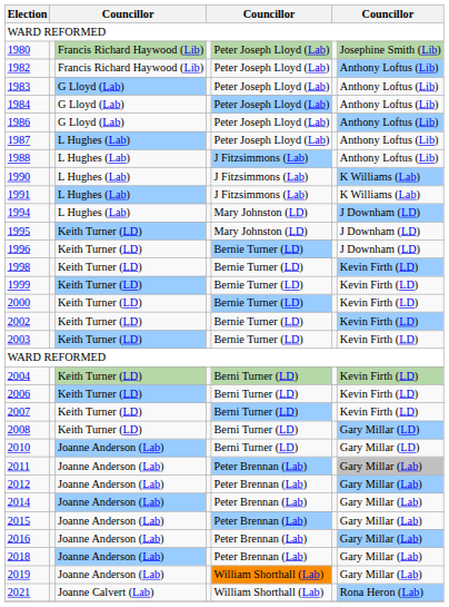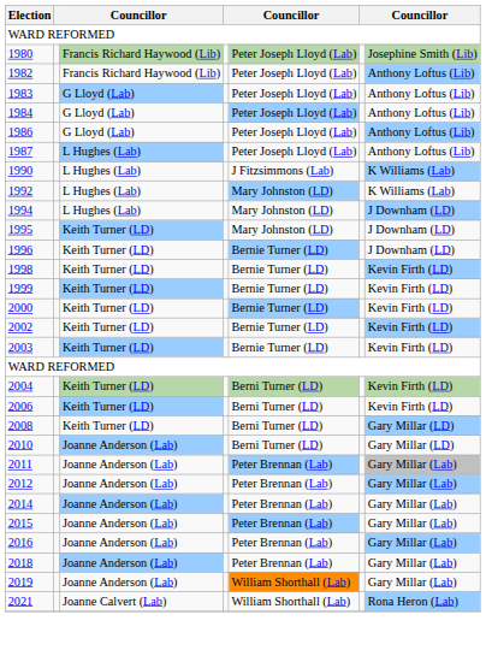 <table class="wikitable">
 <tr>
 <th>Election</th>
 <th colspan="2">Councillor</th>
 <th colspan="2">Councillor</th>
 <th colspan="2">Councillor</th>
 </tr>
 <tr>
 <td colspan="7" bgcolor="#FFF"><div>WARD REFORMED</div></td>
 </tr>
 <tr>
 <td><a href='#'>1980</a></td>
 <td style="background-color: "></td>
 <td bgcolor="#B6D7A8">Francis Richard Haywood (<a href='#'>Lib</a>)</td>
 <td style="background-color: "></td>
 <td bgcolor="#B6D7A8">Peter Joseph Lloyd (<a href='#'>Lab</a>)</td>
 <td style="background-color: "></td>
 <td bgcolor="#B6D7A8">Josephine Smith (<a href='#'>Lib</a>)</td>
 </tr>
 <tr>
 <td><a href='#'>1982</a></td>
 <td style="background-color: "></td>
 <td>Francis Richard Haywood (<a href='#'>Lib</a>)</td>
 <td style="background-color: "></td>
 <td>Peter Joseph Lloyd (<a href='#'>Lab</a>)</td>
 <td style="background-color: "></td>
 <td bgcolor="#99CCFF">Anthony Loftus (<a href='#'>Lib</a>)</td>
 </tr>
 <tr>
 <td><a href='#'>1983</a></td>
 <td style="background-color: "></td>
 <td bgcolor="#99CCFF">G Lloyd (<a href='#'>Lab</a>)</td>
 <td style="background-color: "></td>
 <td>Peter Joseph Lloyd (<a href='#'>Lab</a>)</td>
 <td style="background-color: "></td>
 <td>Anthony Loftus (<a href='#'>Lib</a>)</td>
 </tr>
 <tr>
 <td><a href='#'>1984</a></td>
 <td style="background-color: "></td>
 <td>G Lloyd (<a href='#'>Lab</a>)</td>
 <td style="background-color: "></td>
 <td bgcolor="#99CCFF">Peter Joseph Lloyd (<a href='#'>Lab</a>)</td>
 <td style="background-color: "></td>
 <td>Anthony Loftus (<a href='#'>Lib</a>)</td>
 </tr>
 <tr>
 <td><a href='#'>1986</a></td>
 <td style="background-color: "></td>
 <td>G Lloyd (<a href='#'>Lab</a>)</td>
 <td style="background-color: "></td>
 <td>Peter Joseph Lloyd (<a href='#'>Lab</a>)</td>
 <td style="background-color: "></td>
 <td bgcolor="#99CCFF">Anthony Loftus (<a href='#'>Lib</a>)</td>
 </tr>
 <tr>
 <td><a href='#'>1987</a></td>
 <td style="background-color: "></td>
 <td bgcolor="#99CCFF">L Hughes (<a href='#'>Lab</a>)</td>
 <td style="background-color: "></td>
 <td>Peter Joseph Lloyd (<a href='#'>Lab</a>)</td>
 <td style="background-color: "></td>
 <td>Anthony Loftus (<a href='#'>Lib</a>)</td>
 </tr>
 <tr>
-<td><a href='#'>1988</a></td>
-<td style="background-color: "></td>
-<td>L Hughes (<a href='#'>Lab</a>)</td>
-<td style="background-color: "></td>
-<td bgcolor="#99CCFF">J Fitzsimmons (<a href='#'>Lab</a>)</td>
-<td style="background-color: "></td>
-<td>Anthony Loftus (<a href='#'>Lib</a>)</td>
-</tr>
-<tr>
 <td><a href='#'>1990</a></td>
 <td style="background-color: "></td>
 <td>L Hughes (<a href='#'>Lab</a>)</td>
 <td style="background-color: "></td>
 <td>J Fitzsimmons (<a href='#'>Lab</a>)</td>
 <td style="background-color: "></td>
 <td bgcolor="#99CCFF">K Williams (<a href='#'>Lab</a>)</td>
 </tr>
 <tr>
-<td><a href='#'>1991</a></td>
+<td><a href='#'>1992</a></td>
 <td style="background-color: "></td>
-<td bgcolor="#99CCFF">L Hughes (<a href='#'>Lab</a>)</td>
+<td>L Hughes (<a href='#'>Lab</a>)</td>
 <td style="background-color: "></td>
-<td>J Fitzsimmons (<a href='#'>Lab</a>)</td>
+<td bgcolor="#99CCFF">Mary Johnston (<a href='#'>LD</a>)</td>
 <td style="background-color: "></td>
 <td>K Williams (<a href='#'>Lab</a>)</td>
 </tr>
 <tr>
 <td><a href='#'>1994</a></td>
 <td style="background-color: "></td>
 <td>L Hughes (<a href='#'>Lab</a>)</td>
 <td style="background-color: "></td>
 <td>Mary Johnston (<a href='#'>LD</a>)</td>
 <td style="background-color: "></td>
 <td bgcolor="#99CCFF">J Downham (<a href='#'>LD</a>)</td>
 </tr>
 <tr>
 <td><a href='#'>1995</a></td>
 <td style="background-color: "></td>
 <td bgcolor="#99CCFF">Keith Turner (<a href='#'>LD</a>)</td>
 <td style="background-color: "></td>
 <td>Mary Johnston (<a href='#'>LD</a>)</td>
 <td style="background-color: "></td>
 <td>J Downham (<a href='#'>LD</a>)</td>
 </tr>
 <tr>
 <td><a href='#'>1996</a></td>
 <td style="background-color: "></td>
 <td>Keith Turner (<a href='#'>LD</a>)</td>
 <td style="background-color: "></td>
 <td bgcolor="#99CCFF">Bernie Turner (<a href='#'>LD</a>)</td>
 <td style="background-color: "></td>
 <td>J Downham (<a href='#'>LD</a>)</td>
 </tr>
 <tr>
 <td><a href='#'>1998</a></td>
 <td style="background-color: "></td>
 <td>Keith Turner (<a href='#'>LD</a>)</td>
 <td style="background-color: "></td>
 <td>Bernie Turner (<a href='#'>LD</a>)</td>
 <td style="background-color: "></td>
 <td bgcolor="#99CCFF">Kevin Firth (<a href='#'>LD</a>)</td>
 </tr>
 <tr>
 <td><a href='#'>1999</a></td>
 <td style="background-color: "></td>
 <td bgcolor="#99CCFF">Keith Turner (<a href='#'>LD</a>)</td>
 <td style="background-color: "></td>
 <td>Bernie Turner (<a href='#'>LD</a>)</td>
 <td style="background-color: "></td>
 <td>Kevin Firth (<a href='#'>LD</a>)</td>
 </tr>
 <tr>
 <td><a href='#'>2000</a></td>
 <td style="background-color: "></td>
 <td>Keith Turner (<a href='#'>LD</a>)</td>
 <td style="background-color: "></td>
 <td bgcolor="#99CCFF">Bernie Turner (<a href='#'>LD</a>)</td>
 <td style="background-color: "></td>
 <td>Kevin Firth (<a href='#'>LD</a>)</td>
 </tr>
 <tr>
 <td><a href='#'>2002</a></td>
 <td style="background-color: "></td>
 <td>Keith Turner (<a href='#'>LD</a>)</td>
 <td style="background-color: "></td>
 <td>Bernie Turner (<a href='#'>LD</a>)</td>
 <td style="background-color: "></td>
 <td bgcolor="#99CCFF">Kevin Firth (<a href='#'>LD</a>)</td>
 </tr>
 <tr>
 <td><a href='#'>2003</a></td>
 <td style="background-color: "></td>
 <td bgcolor="#99CCFF">Keith Turner (<a href='#'>LD</a>)</td>
 <td style="background-color: "></td>
 <td>Bernie Turner (<a href='#'>LD</a>)</td>
 <td style="background-color: "></td>
 <td>Kevin Firth (<a href='#'>LD</a>)</td>
 </tr>
 <tr>
 <td colspan="7" bgcolor="#FFF"><div>WARD REFORMED</div></td>
 </tr>
 <tr>
 <td><a href='#'>2004</a></td>
 <td style="background-color: "></td>
 <td bgcolor="#B6D7A8">Keith Turner (<a href='#'>LD</a>)</td>
 <td style="background-color: "></td>
 <td bgcolor="#B6D7A8">Berni Turner (<a href='#'>LD</a>)</td>
 <td style="background-color: "></td>
 <td bgcolor="#B6D7A8">Kevin Firth (<a href='#'>LD</a>)</td>
 </tr>
 <tr>
 <td><a href='#'>2006</a></td>
 <td style="background-color: "></td>
 <td bgcolor="#99CCFF">Keith Turner (<a href='#'>LD</a>)</td>
 <td style="background-color: "></td>
 <td>Berni Turner (<a href='#'>LD</a>)</td>
 <td style="background-color: "></td>
 <td>Kevin Firth (<a href='#'>LD</a>)</td>
 </tr>
 <tr>
-<td><a href='#'>2007</a></td>
-<td style="background-color: "></td>
-<td>Keith Turner (<a href='#'>LD</a>)</td>
-<td style="background-color: "></td>
-<td bgcolor="#99CCFF">Berni Turner (<a href='#'>LD</a>)</td>
-<td style="background-color: "></td>
-<td>Kevin Firth (<a href='#'>LD</a>)</td>
-</tr>
-<tr>
 <td><a href='#'>2008</a></td>
 <td style="background-color: "></td>
 <td>Keith Turner (<a href='#'>LD</a>)</td>
 <td style="background-color: "></td>
 <td>Berni Turner (<a href='#'>LD</a>)</td>
 <td style="background-color: "></td>
 <td bgcolor="#99CCFF">Gary Millar (<a href='#'>LD</a>)</td>
 </tr>
 <tr>
 <td><a href='#'>2010</a></td>
 <td style="background-color: "></td>
 <td bgcolor="#99CCFF">Joanne Anderson (<a href='#'>Lab</a>)</td>
 <td style="background-color: "></td>
 <td>Berni Turner (<a href='#'>LD</a>)</td>
 <td style="background-color: "></td>
 <td>Gary Millar (<a href='#'>LD</a>)</td>
 </tr>
 <tr>
 <td><a href='#'>2011</a></td>
 <td style="background-color: "></td>
 <td>Joanne Anderson (<a href='#'>Lab</a>)</td>
 <td style="background-color: "></td>
 <td bgcolor="#99CCFF">Peter Brennan (<a href='#'>Lab</a>)</td>
 <td style="background-color: "></td>
 <td bgcolor="#C0C0C0">Gary Millar (<a href='#'>Lab</a>)</td>
 </tr>
 <tr>
 <td><a href='#'>2012</a></td>
 <td style="background-color: "></td>
 <td>Joanne Anderson (<a href='#'>Lab</a>)</td>
 <td style="background-color: "></td>
 <td>Peter Brennan (<a href='#'>Lab</a>)</td>
 <td style="background-color: "></td>
 <td bgcolor="#99CCFF">Gary Millar (<a href='#'>Lab</a>)</td>
 </tr>
 <tr>
 <td><a href='#'>2014</a></td>
 <td style="background-color: "></td>
 <td bgcolor="#99CCFF">Joanne Anderson (<a href='#'>Lab</a>)</td>
 <td style="background-color: "></td>
 <td>Peter Brennan (<a href='#'>Lab</a>)</td>
 <td style="background-color: "></td>
 <td>Gary Millar (<a href='#'>Lab</a>)</td>
 </tr>
 <tr>
 <td><a href='#'>2015</a></td>
 <td style="background-color: "></td>
 <td>Joanne Anderson (<a href='#'>Lab</a>)</td>
 <td style="background-color: "></td>
 <td bgcolor="#99CCFF">Peter Brennan (<a href='#'>Lab</a>)</td>
 <td style="background-color: "></td>
 <td>Gary Millar (<a href='#'>Lab</a>)</td>
 </tr>
 <tr>
 <td><a href='#'>2016</a></td>
 <td style="background-color: "></td>
 <td>Joanne Anderson (<a href='#'>Lab</a>)</td>
 <td style="background-color: "></td>
 <td>Peter Brennan (<a href='#'>Lab</a>)</td>
 <td style="background-color: "></td>
 <td bgcolor="#99CCFF">Gary Millar (<a href='#'>Lab</a>)</td>
 </tr>
 <tr>
 <td><a href='#'>2018</a></td>
 <td style="background-color: "></td>
 <td bgcolor="#99CCFF">Joanne Anderson (<a href='#'>Lab</a>)</td>
 <td style="background-color: "></td>
 <td>Peter Brennan (<a href='#'>Lab</a>)</td>
 <td style="background-color: "></td>
 <td>Gary Millar (<a href='#'>Lab</a>)</td>
 </tr>
 <tr>
 <td><a href='#'>2019</a></td>
 <td style="background-color: "></td>
 <td>Joanne Anderson (<a href='#'>Lab</a>)</td>
 <td style="background-color: "></td>
 <td bgcolor="#FF8C00">William Shorthall (<a href='#'>Lab</a>)</td>
 <td style="background-color: "></td>
 <td>Gary Millar (<a href='#'>Lab</a>)</td>
 </tr>
 <tr>
 <td><a href='#'>2021</a></td>
 <td style="background-color: "></td>
 <td>Joanne Calvert (<a href='#'>Lab</a>)</td>
 <td style="background-color: "></td>
 <td>William Shorthall (<a href='#'>Lab</a>)</td>
 <td style="background-color: "></td>
 <td bgcolor="#99CCFF">Rona Heron (<a href='#'>Lab</a>)</td>
 </tr>
 <tr>
 </tr>
 </table>
